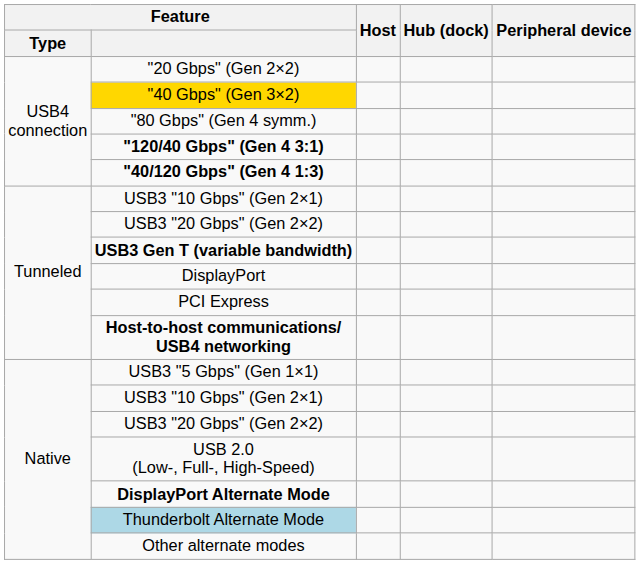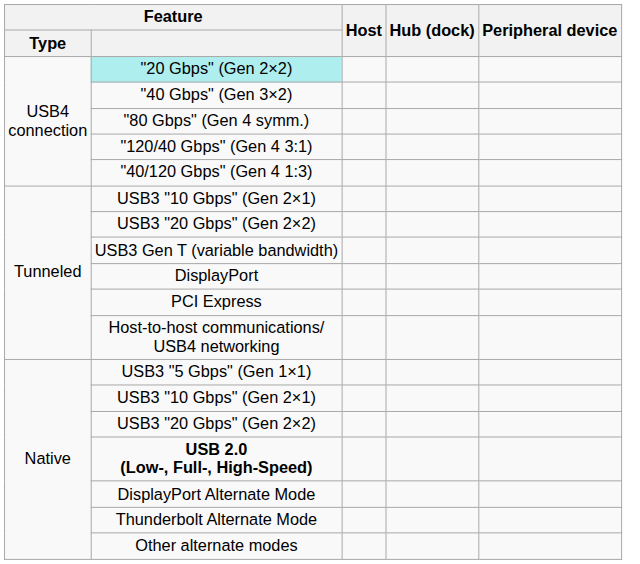 <table class="wikitable" style="text-align:center;">
 <tr>
 <th colspan="2">Feature</th>
 <th rowspan="2">Host</th>
 <th rowspan="2">Hub (dock)</th>
 <th rowspan="2">Peripheral device</th>
 </tr>
 <tr>
 <th>Type</th>
 <th></th>
 </tr>
 <tr>
 <td rowspan="5">USB4<br>connection</td>
-<td>"20 Gbps" (Gen 2×2)</td>
+<td style="background: paleturquoise;">"20 Gbps" (Gen 2×2)</td>
 <td></td>
 <td></td>
 <td></td>
 </tr>
 <tr>
-<td style="background: gold;">"40 Gbps" (Gen 3×2)</td>
+<td>"40 Gbps" (Gen 3×2)</td>
 <td></td>
 <td></td>
 <td></td>
 </tr>
 <tr>
 <td>"80 Gbps" (Gen 4 symm.)</td>
 <td></td>
 <td></td>
 <td></td>
 </tr>
 <tr>
-<td><strong>"120/40 Gbps" (Gen 4 3:1)</strong></td>
+<td>"120/40 Gbps" (Gen 4 3:1)</td>
 <td></td>
 <td></td>
 <td></td>
 </tr>
 <tr>
-<td><strong>"40/120 Gbps" (Gen 4 1:3)</strong></td>
+<td>"40/120 Gbps" (Gen 4 1:3)</td>
 <td></td>
 <td></td>
 <td></td>
 </tr>
 <tr>
 <td rowspan="6">Tunneled</td>
 <td>USB3 "10 Gbps" (Gen 2×1)</td>
 <td></td>
 <td></td>
 <td></td>
 </tr>
 <tr>
 <td>USB3 "20 Gbps" (Gen 2×2)</td>
 <td></td>
 <td></td>
 <td></td>
 </tr>
 <tr>
-<td><strong>USB3 Gen T (variable bandwidth)</strong></td>
+<td>USB3 Gen T (variable bandwidth)</td>
 <td></td>
 <td></td>
 <td></td>
 </tr>
 <tr>
 <td>DisplayPort</td>
 <td></td>
 <td></td>
 <td></td>
 </tr>
 <tr>
 <td>PCI Express</td>
 <td></td>
 <td></td>
 <td></td>
 </tr>
 <tr>
-<td><strong>Host-to-host communications/<br>USB4 networking</strong></td>
+<td>Host-to-host communications/<br>USB4 networking</td>
 <td></td>
 <td></td>
 <td></td>
 </tr>
 <tr>
 <td rowspan="7">Native</td>
 <td>USB3 "5 Gbps" (Gen 1×1)</td>
 <td></td>
 <td></td>
 <td></td>
 </tr>
 <tr>
 <td>USB3 "10 Gbps" (Gen 2×1)</td>
 <td></td>
 <td></td>
 <td></td>
 </tr>
 <tr>
 <td>USB3 "20 Gbps" (Gen 2×2)</td>
 <td></td>
 <td></td>
 <td></td>
 </tr>
 <tr>
-<td>USB 2.0<br>(Low-, Full-, High-Speed)</td>
+<td><strong>USB 2.0<br>(Low-, Full-, High-Speed)</strong></td>
 <td></td>
 <td></td>
 <td></td>
 </tr>
 <tr>
-<td><strong>DisplayPort Alternate Mode</strong></td>
+<td>DisplayPort Alternate Mode</td>
 <td></td>
 <td></td>
 <td></td>
 </tr>
 <tr>
-<td style="background: lightblue;">Thunderbolt Alternate Mode</td>
+<td>Thunderbolt Alternate Mode</td>
 <td></td>
 <td></td>
 <td></td>
 </tr>
 <tr>
 <td>Other alternate modes</td>
 <td></td>
 <td></td>
 <td></td>
 </tr>
 </table>
